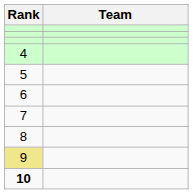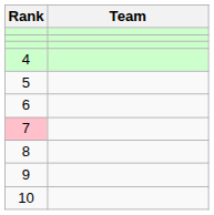 <table class="wikitable">
 <tr>
 <th>Rank</th>
 <th width=170>Team</th>
 </tr>
 <tr bgcolor=#ccffcc>
 <td align=center></td>
 <td></td>
 </tr>
 <tr bgcolor=#ccffcc>
 <td align=center></td>
 <td></td>
 </tr>
 <tr bgcolor=#ccffcc>
 <td align=center></td>
 <td></td>
 </tr>
 <tr bgcolor=#ccffcc>
 <td align=center>4</td>
 <td></td>
 </tr>
 <tr>
 <td align=center>5</td>
 <td></td>
 </tr>
 <tr>
 <td align=center>6</td>
 <td></td>
 </tr>
 <tr>
-<td align=center>7</td>
+<td align=center style="background: pink;">7</td>
 <td></td>
 </tr>
 <tr>
 <td align=center>8</td>
 <td></td>
 </tr>
 <tr>
-<td align=center style="background: khaki;">9</td>
+<td align=center>9</td>
 <td></td>
 </tr>
 <tr>
-<td align=center><strong>10</strong></td>
+<td align=center>10</td>
 <td></td>
 </tr>
 </table>
